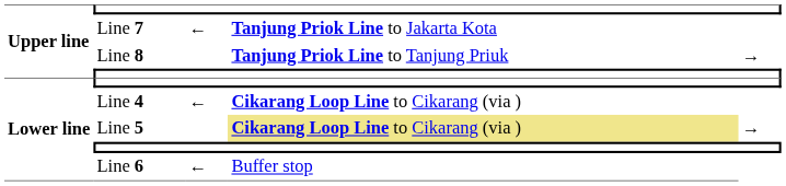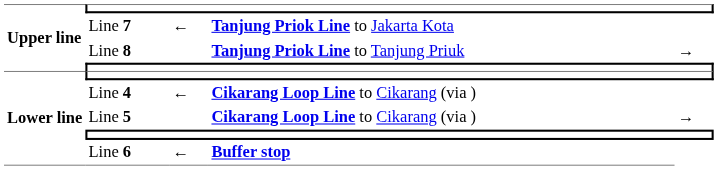 <table table border=0 cellspacing=0 cellpadding=3>
 <tr>
 <td rowspan="4" style="border-bottom:solid 1px gray;border-top:solid 1px gray;"><strong>Upper line</strong></td>
 <td colspan="4" width="600" style="border-bottom:solid 2px black;border-left:solid 2px black;border-right:solid 2px black;border-top:solid 1px gray; text-align:center"></td>
 </tr>
 <tr>
 <td>Line <strong>7</strong></td>
 <td>← </td>
 <td> <strong><a href='#'>Tanjung Priok Line</a></strong> to <a href='#'>Jakarta Kota</a></td>
 <td></td>
 </tr>
 <tr>
 <td>Line <strong>8</strong></td>
 <td></td>
 <td> <strong><a href='#'>Tanjung Priok Line</a></strong> to <a href='#'>Tanjung Priuk</a></td>
 <td> →</td>
 </tr>
 <tr>
 <td colspan="4" style="border-bottom:solid 1px gray;border-left:solid 2px black;border-right:solid 2px black;border-top:solid 2px black; text-align:center"></td>
 </tr>
 <tr>
 <td rowspan="7" style="border-bottom:solid 1px gray;"><strong>Lower line</strong></td>
 <td colspan="4" style="border-bottom:solid 2px black;border-left:solid 2px black;border-right:solid 2px black; text-align:center"></td>
 </tr>
 <tr>
 <td>Line <strong>4</strong></td>
 <td>← </td>
 <td> <strong><a href='#'>Cikarang Loop Line</a></strong> to <a href='#'>Cikarang</a> (via )</td>
 <td></td>
 </tr>
 <tr>
 <td>Line <strong>5</strong></td>
 <td></td>
-<td style="background: khaki;"> <strong><a href='#'>Cikarang Loop Line</a></strong> to <a href='#'>Cikarang</a> (via )</td>
+<td> <strong><a href='#'>Cikarang Loop Line</a></strong> to <a href='#'>Cikarang</a> (via )</td>
 <td> →</td>
 </tr>
 <tr>
 <td colspan="4" style="border-bottom:solid 2px black;border-top:solid 2px black;border-left:solid 2px black; border-right:solid 2px black; text-align:center"></td>
 </tr>
 <tr>
 <td style="border-bottom:solid 1px gray;">Line <strong>6</strong></td>
 <td style="border-bottom:solid 1px gray;">← </td>
-<td style="border-bottom:solid 1px gray;"><a href='#'>Buffer stop</a></td>
+<td style="border-bottom:solid 1px gray;"><strong><a href='#'>Buffer stop</a></strong></td>
 <td></td>
 </tr>
 </table>
